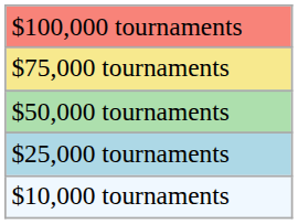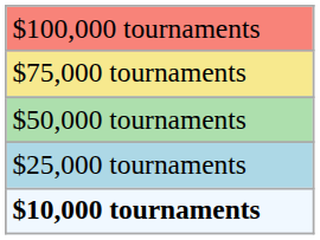 <table class="wikitable"  style="font-size:85%; width:12%;">
 <tr style="background:#f88379;">
 <td>$100,000 tournaments</td>
 </tr>
 <tr style="background:#f7e98e;">
 <td>$75,000 tournaments</td>
 </tr>
 <tr style="background:#addfad;">
 <td>$50,000 tournaments</td>
 </tr>
 <tr style="background:lightblue;">
 <td>$25,000 tournaments</td>
 </tr>
 <tr style="background:#f0f8ff;">
-<td>$10,000 tournaments</td>
+<td><strong>$10,000 tournaments</strong></td>
 </tr>
 </table>
